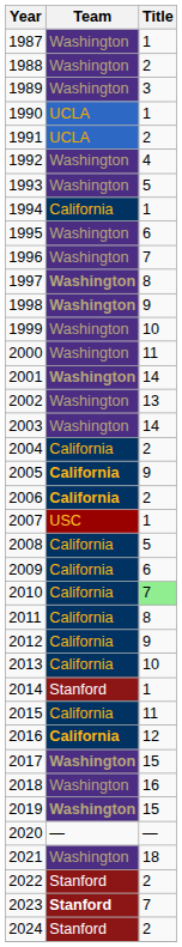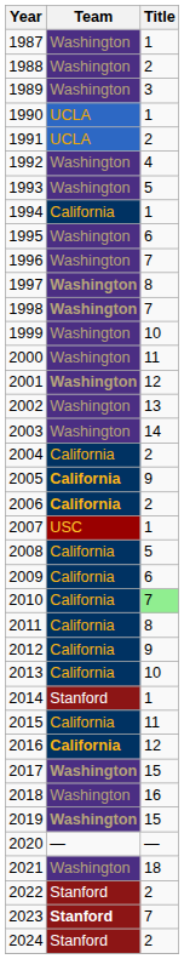 <table class="wikitable">
 <tr>
 <th>Year</th>
 <th>Team</th>
 <th>Title</th>
 </tr>
 <tr>
 <td>1987</td>
 <td style="background:#4B2E83; color:#B7A57A;">Washington</td>
 <td>1</td>
 </tr>
 <tr>
 <td>1988</td>
 <td style="background:#4B2E83; color:#B7A57A;">Washington</td>
 <td>2</td>
 </tr>
 <tr>
 <td>1989</td>
 <td style="background:#4B2E83; color:#B7A57A;">Washington</td>
 <td>3</td>
 </tr>
 <tr>
 <td>1990</td>
 <td style="background:#2D68C4; color:#F2A900;">UCLA</td>
 <td>1</td>
 </tr>
 <tr>
 <td>1991</td>
 <td style="background:#2D68C4; color:#F2A900;">UCLA</td>
 <td>2</td>
 </tr>
 <tr>
 <td>1992</td>
 <td style="background:#4B2E83; color:#B7A57A;">Washington</td>
 <td>4</td>
 </tr>
 <tr>
 <td>1993</td>
 <td style="background:#4B2E83; color:#B7A57A;">Washington</td>
 <td>5</td>
 </tr>
 <tr>
 <td>1994</td>
 <td style="background:#003262; color:#FDB515;">California</td>
 <td>1</td>
 </tr>
 <tr>
 <td>1995</td>
 <td style="background:#4B2E83; color:#B7A57A;">Washington</td>
 <td>6</td>
 </tr>
 <tr>
 <td>1996</td>
 <td style="background:#4B2E83; color:#B7A57A;">Washington</td>
 <td>7</td>
 </tr>
 <tr>
 <td>1997</td>
 <td style="background:#4B2E83; color:#B7A57A;"><strong>Washington</strong></td>
 <td>8</td>
 </tr>
 <tr>
 <td>1998</td>
 <td style="background:#4B2E83; color:#B7A57A;"><strong>Washington</strong></td>
-<td>9</td>
+<td>7</td>
 </tr>
 <tr>
 <td>1999</td>
 <td style="background:#4B2E83; color:#B7A57A;">Washington</td>
 <td>10</td>
 </tr>
 <tr>
 <td>2000</td>
 <td style="background:#4B2E83; color:#B7A57A;">Washington</td>
 <td>11</td>
 </tr>
 <tr>
 <td>2001</td>
 <td style="background:#4B2E83; color:#B7A57A;"><strong>Washington</strong></td>
-<td>14</td>
+<td>12</td>
 </tr>
 <tr>
 <td>2002</td>
 <td style="background:#4B2E83; color:#B7A57A;">Washington</td>
 <td>13</td>
 </tr>
 <tr>
 <td>2003</td>
 <td style="background:#4B2E83; color:#B7A57A;">Washington</td>
 <td>14</td>
 </tr>
 <tr>
 <td>2004</td>
 <td style="background:#003262; color:#FDB515;">California</td>
 <td>2</td>
 </tr>
 <tr>
 <td>2005</td>
 <td style="background:#003262; color:#FDB515;"><strong>California</strong></td>
 <td>9</td>
 </tr>
 <tr>
 <td>2006</td>
 <td style="background:#003262; color:#FDB515;"><strong>California</strong></td>
 <td>2</td>
 </tr>
 <tr>
 <td>2007</td>
 <td style="background:#990000; color:#FFC72C;">USC</td>
 <td>1</td>
 </tr>
 <tr>
 <td>2008</td>
 <td style="background:#003262; color:#FDB515;">California</td>
 <td>5</td>
 </tr>
 <tr>
 <td>2009</td>
 <td style="background:#003262; color:#FDB515;">California</td>
 <td>6</td>
 </tr>
 <tr>
 <td>2010</td>
 <td style="background:#003262; color:#FDB515;">California</td>
 <td style="background: lightgreen;">7</td>
 </tr>
 <tr>
 <td>2011</td>
 <td style="background:#003262; color:#FDB515;">California</td>
 <td>8</td>
 </tr>
 <tr>
 <td>2012</td>
 <td style="background:#003262; color:#FDB515;">California</td>
 <td>9</td>
 </tr>
 <tr>
 <td>2013</td>
 <td style="background:#003262; color:#FDB515;">California</td>
 <td>10</td>
 </tr>
 <tr>
 <td>2014</td>
 <td style="background:#8C1515; color:#FFFFFF;">Stanford</td>
 <td>1</td>
 </tr>
 <tr>
 <td>2015</td>
 <td style="background:#003262; color:#FDB515;">California</td>
 <td>11</td>
 </tr>
 <tr>
 <td>2016</td>
 <td style="background:#003262; color:#FDB515;"><strong>California</strong></td>
 <td>12</td>
 </tr>
 <tr>
 <td>2017</td>
 <td style="background:#4B2E83; color:#B7A57A;"><strong>Washington</strong></td>
 <td>15</td>
 </tr>
 <tr>
 <td>2018</td>
 <td style="background:#4B2E83; color:#B7A57A;">Washington</td>
 <td>16</td>
 </tr>
 <tr>
 <td>2019</td>
 <td style="background:#4B2E83; color:#B7A57A;"><strong>Washington</strong></td>
 <td>15</td>
 </tr>
 <tr>
 <td>2020</td>
 <td>―</td>
 <td>―</td>
 </tr>
 <tr>
 <td>2021</td>
 <td style="background:#4B2E83; color:#B7A57A;">Washington</td>
 <td>18</td>
 </tr>
 <tr>
 <td>2022</td>
 <td style="background:#8C1515; color:#FFFFFF;">Stanford</td>
 <td>2</td>
 </tr>
 <tr>
 <td>2023</td>
 <td style="background:#8C1515; color:#FFFFFF;"><strong>Stanford</strong></td>
 <td>7</td>
 </tr>
 <tr>
 <td>2024</td>
 <td style="background:#8C1515; color:#FFFFFF;">Stanford</td>
 <td>2</td>
 </tr>
 <tr>
 </tr>
 </table>
